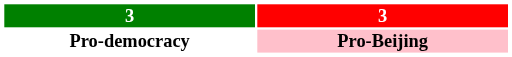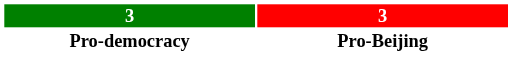 <table style="width:50%; text-align:center;">
 <tr style="color:white;">
 <td style="background:green; width:50%;"><strong>3</strong></td>
 <td style="background:red; width:50%;"><strong>3</strong></td>
 </tr>
 <tr>
 <td><span><strong>Pro-democracy</strong></span></td>
-<td style="background: pink;"><span><strong>Pro-Beijing</strong></span></td>
+<td><span><strong>Pro-Beijing</strong></span></td>
 </tr>
 </table>
